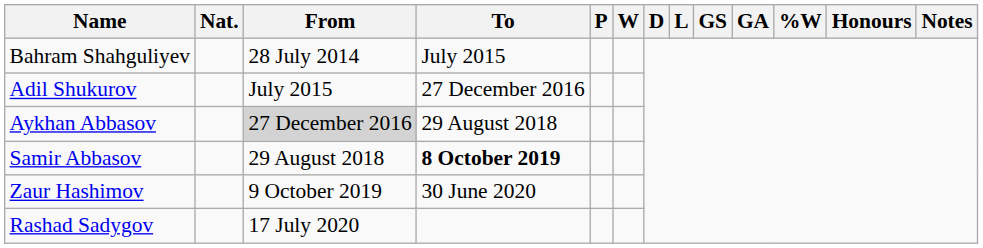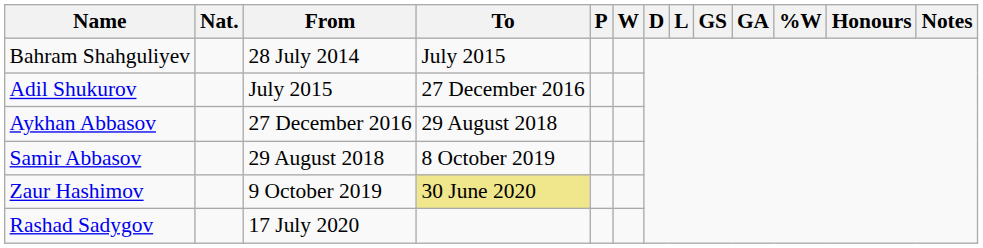 <table class="wikitable sortable" style="text-align: center">
 <tr>
 <th>Name</th>
 <th>Nat.</th>
 <th class="unsortable">From</th>
 <th class="unsortable">To</th>
 <th abbr="TOTAL OF MATCHES PLAYED">P</th>
 <th abbr="MATCHES WON">W</th>
 <th abbr="MATCHES DRAWN">D</th>
 <th abbr="MATCHES LOST">L</th>
 <th abbr="GOALS SCORED">GS</th>
 <th abbr="GOAL AGAINST">GA</th>
 <th abbr="PERCENTAGE OF MATCHES WON">%W</th>
 <th abbr="HONOURS">Honours</th>
 <th abbr="NOTES">Notes</th>
 </tr>
 <tr>
 <td align=left>Bahram Shahguliyev</td>
 <td align=left></td>
 <td align=left>28 July 2014</td>
 <td align=left>July 2015<br></td>
 <td></td>
 <td></td>
 </tr>
 <tr>
 <td align=left><a href='#'>Adil Shukurov</a></td>
 <td align=left></td>
 <td align=left>July 2015</td>
 <td align=left>27 December 2016<br></td>
 <td></td>
 <td></td>
 </tr>
 <tr>
 <td align=left><a href='#'>Aykhan Abbasov</a></td>
 <td align=left></td>
-<td align=left style="background: lightgrey;">27 December 2016</td>
+<td align=left>27 December 2016</td>
 <td align=left>29 August 2018<br></td>
 <td></td>
 <td></td>
 </tr>
 <tr>
 <td align=left><a href='#'>Samir Abbasov</a></td>
 <td align=left></td>
 <td align=left>29 August 2018</td>
-<td align=left><strong>8 October 2019<br></strong></td>
+<td align=left>8 October 2019<br></td>
 <td></td>
 <td></td>
 </tr>
 <tr>
 <td align=left><a href='#'>Zaur Hashimov</a></td>
 <td align=left></td>
 <td align=left>9 October 2019</td>
-<td align=left>30 June 2020<br></td>
+<td align=left style="background: khaki;">30 June 2020<br></td>
 <td></td>
 <td></td>
 </tr>
 <tr>
 <td align=left><a href='#'>Rashad Sadygov</a></td>
 <td align=left></td>
 <td align=left>17 July 2020</td>
 <td align=left><br></td>
 <td></td>
 <td></td>
 </tr>
 </table>
